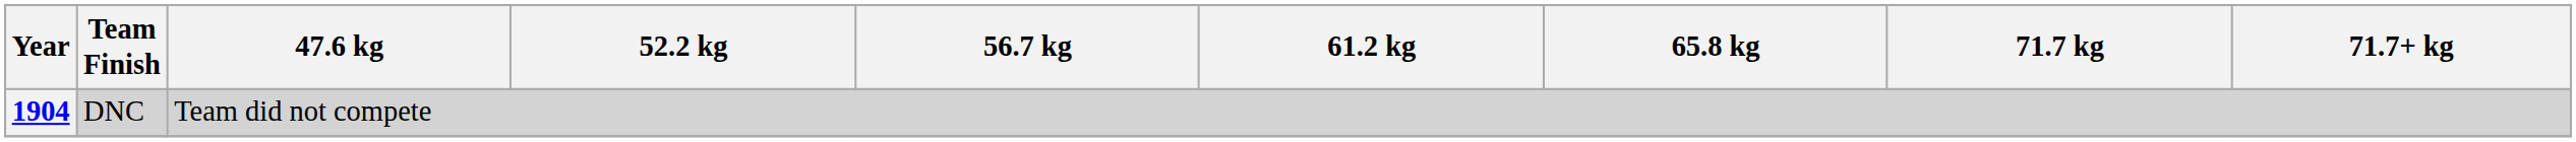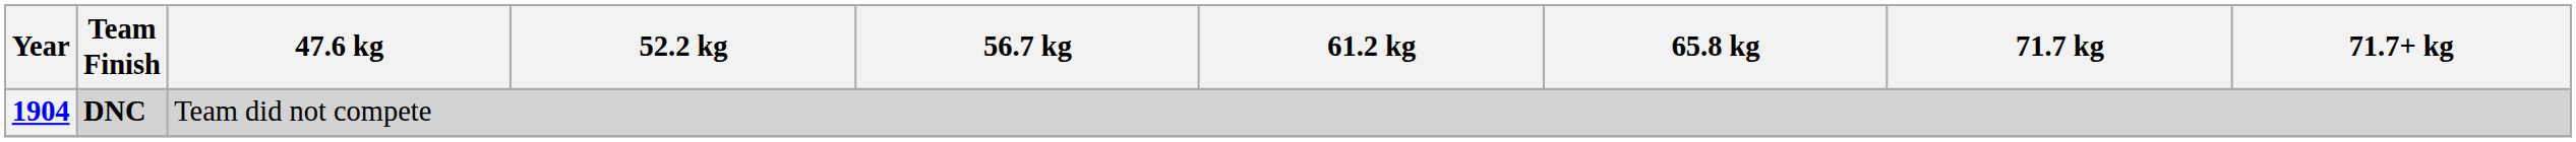 <table class="wikitable" style="font-size:88%">
 <tr>
 <th>Year</th>
 <th>Team Finish</th>
 <th width=200>47.6 kg</th>
 <th width=200>52.2 kg</th>
 <th width=200>56.7 kg</th>
 <th width=200>61.2 kg</th>
 <th width=200>65.8 kg</th>
 <th width=200>71.7 kg</th>
 <th width=200>71.7+ kg</th>
 </tr>
 <tr style="background:lightgray">
 <th><a href='#'>1904</a></th>
-<td>DNC</td>
+<td><strong>DNC</strong></td>
 <td colspan=7>Team did not compete</td>
 </tr>
 <tr>
 </tr>
 </table>
